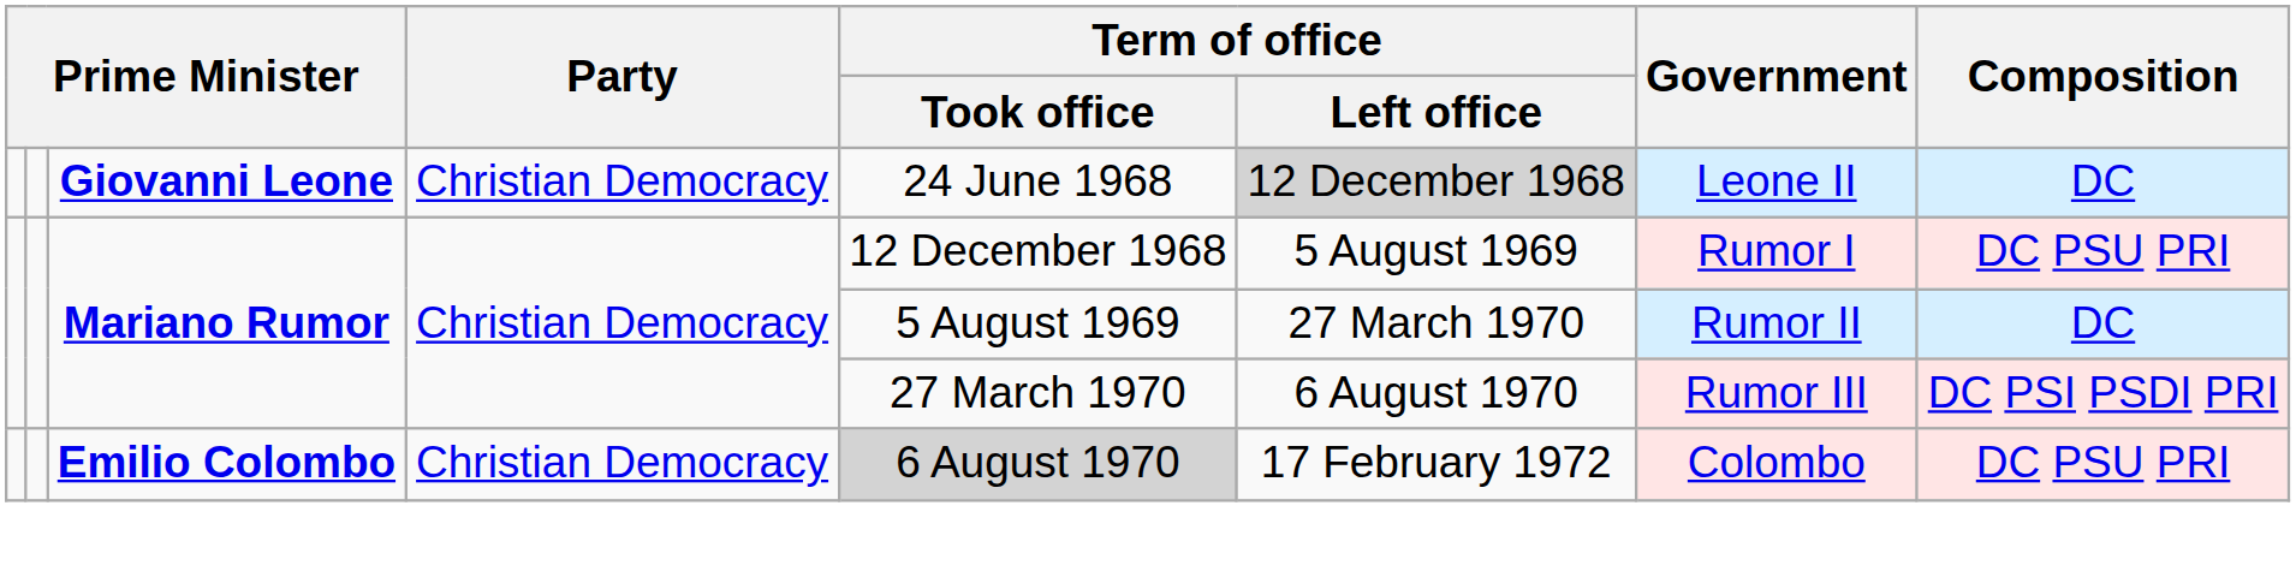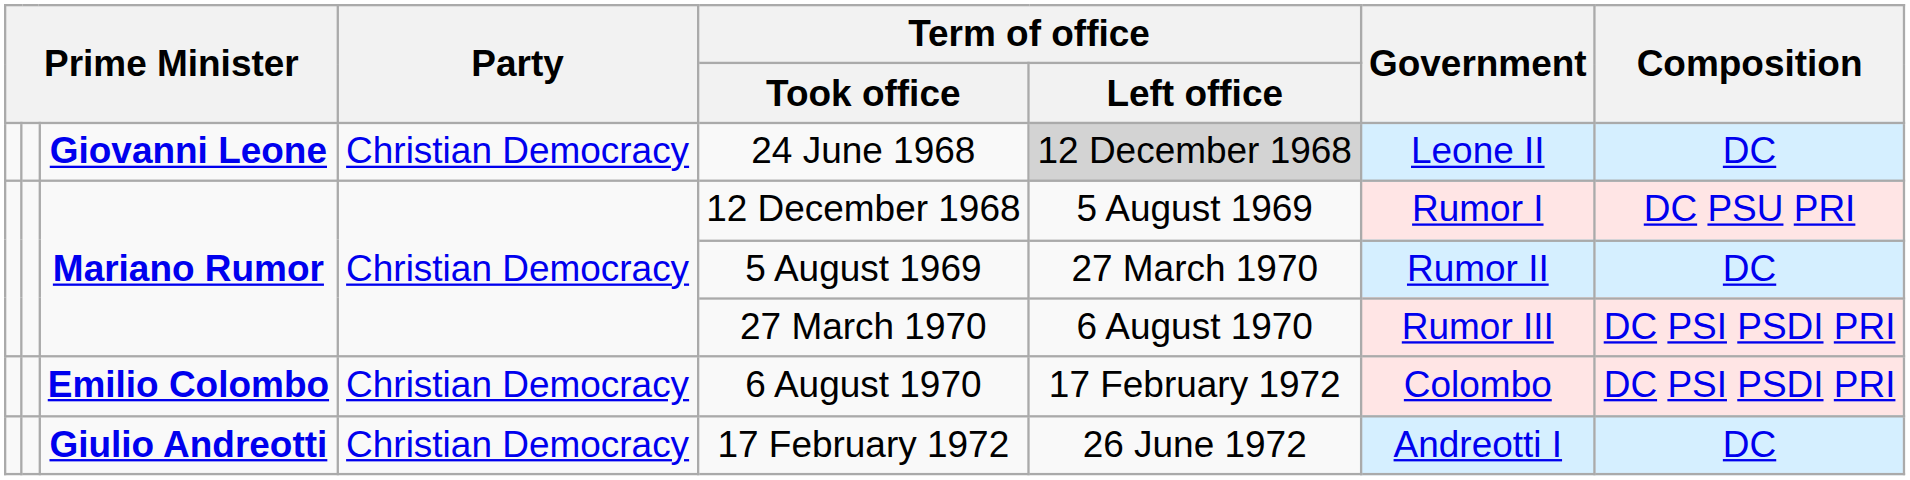 <table class="wikitable" style="text-align:center">
 <tr>
 <th colspan=3 rowspan=2>Prime Minister</th>
 <th rowspan=2>Party</th>
 <th colspan=2>Term of office</th>
 <th rowspan=2>Government</th>
 <th rowspan=2>Composition</th>
 </tr>
 <tr>
 <th>Took office</th>
 <th>Left office</th>
 </tr>
 <tr>
 <td style="background:"></td>
 <td></td>
 <td><strong><a href='#'>Giovanni Leone</a></strong><br></td>
 <td><a href='#'>Christian Democracy</a></td>
 <td>24 June 1968</td>
 <td style="background: lightgrey;">12 December 1968</td>
 <td bgcolor=#D5EFFF><a href='#'>Leone II</a></td>
 <td bgcolor=#D5EFFF><a href='#'>DC</a><br></td>
 </tr>
 <tr>
 <td rowspan=3 style="background:"></td>
 <td rowspan=3></td>
 <td rowspan=3><strong><a href='#'>Mariano Rumor</a></strong><br></td>
 <td rowspan=3><a href='#'>Christian Democracy</a></td>
 <td>12 December 1968</td>
 <td>5 August 1969</td>
 <td bgcolor=#FFE5E5><a href='#'>Rumor I</a></td>
 <td bgcolor=#FFE5E5><a href='#'>DC</a>  <a href='#'>PSU</a>  <a href='#'>PRI</a><br></td>
 </tr>
 <tr>
 <td>5 August 1969</td>
 <td>27 March 1970</td>
 <td bgcolor=#D5EFFF><a href='#'>Rumor II</a></td>
 <td bgcolor=#D5EFFF><a href='#'>DC</a><br></td>
 </tr>
 <tr>
 <td>27 March 1970</td>
 <td>6 August 1970</td>
 <td bgcolor=#FFE5E5><a href='#'>Rumor III</a></td>
 <td bgcolor=#FFE5E5><a href='#'>DC</a>  <a href='#'>PSI</a>  <a href='#'>PSDI</a>  <a href='#'>PRI</a><br></td>
 </tr>
 <tr>
 <td style="background:"></td>
 <td></td>
 <td><strong><a href='#'>Emilio Colombo</a></strong><br></td>
 <td><a href='#'>Christian Democracy</a></td>
-<td style="background: lightgrey;">6 August 1970</td>
+<td>6 August 1970</td>
 <td>17 February 1972</td>
 <td bgcolor=#FFE5E5><a href='#'>Colombo</a></td>
-<td bgcolor=#FFE5E5><a href='#'>DC</a>  <a href='#'>PSU</a>  <a href='#'>PRI</a><br></td>
+<td bgcolor=#FFE5E5><a href='#'>DC</a>  <a href='#'>PSI</a>  <a href='#'>PSDI</a>  <a href='#'>PRI</a><br></td>
+</tr>
+<tr>
+<td style="background:"></td>
+<td></td>
+<td><strong><a href='#'>Giulio Andreotti</a></strong><br></td>
+<td><a href='#'>Christian Democracy</a></td>
+<td>17 February 1972</td>
+<td>26 June 1972</td>
+<td bgcolor=#D5EFFF><a href='#'>Andreotti I</a></td>
+<td bgcolor=#D5EFFF><a href='#'>DC</a></td>
 </tr>
 </table>
